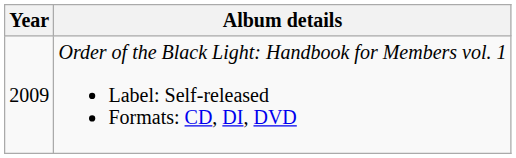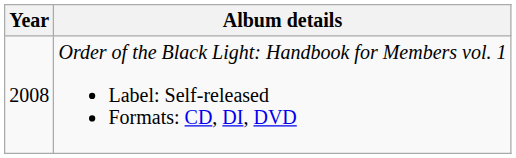 <table class="wikitable">
 <tr>
 <th>Year</th>
 <th>Album details</th>
 </tr>
 <tr>
-<td align="center">2009</td>
+<td align="center">2008</td>
 <td><em>Order of the Black Light: Handbook for Members vol. 1</em><br><ul><li>Label: Self-released</li><li>Formats: <a href='#'>CD</a>, <a href='#'>DI</a>, <a href='#'>DVD</a></li></ul></td>
 </tr>
 </table>
